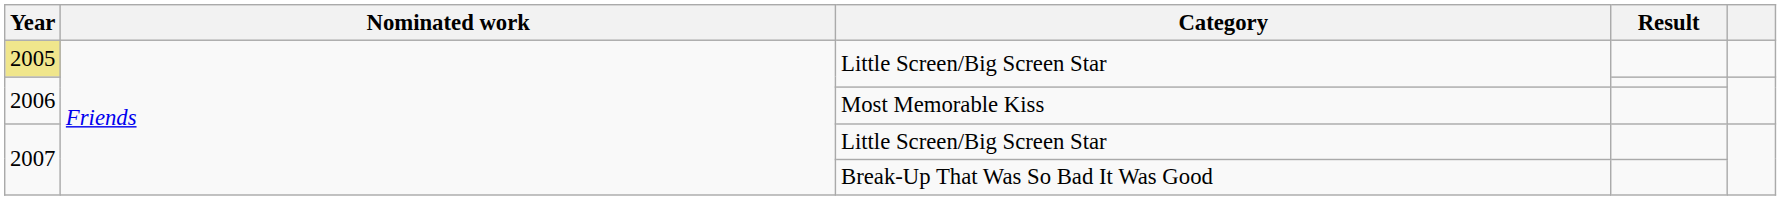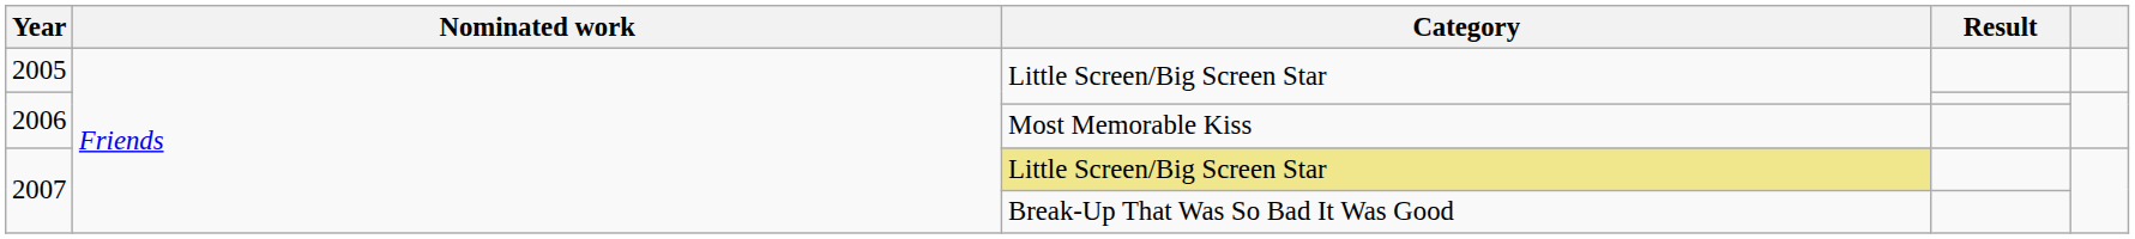 <table class="wikitable sortable">
 <tr>
 <th scope="col" style="width:1em;">Year</th>
 <th scope="col" style="width:39em;">Nominated work</th>
 <th scope="col" style="width:39em;">Category</th>
 <th scope="col" style="width:5em;">Result</th>
 <th scope="col" style="width:2em;" class="unsortable"></th>
 </tr>
 <tr>
-<td style="background: khaki;">2005</td>
+<td>2005</td>
 <td rowspan="5"><em><a href='#'>Friends</a></em></td>
 <td rowspan="2">Little Screen/Big Screen Star</td>
 <td></td>
 <td></td>
 </tr>
 <tr>
 <td rowspan="2">2006</td>
 <td></td>
 <td rowspan="2"></td>
 </tr>
 <tr>
 <td>Most Memorable Kiss</td>
 <td></td>
 </tr>
 <tr>
 <td rowspan="2">2007</td>
-<td>Little Screen/Big Screen Star</td>
+<td style="background: khaki;">Little Screen/Big Screen Star</td>
 <td></td>
 <td rowspan="2"></td>
 </tr>
 <tr>
 <td>Break-Up That Was So Bad It Was Good</td>
 <td></td>
 </tr>
 </table>
